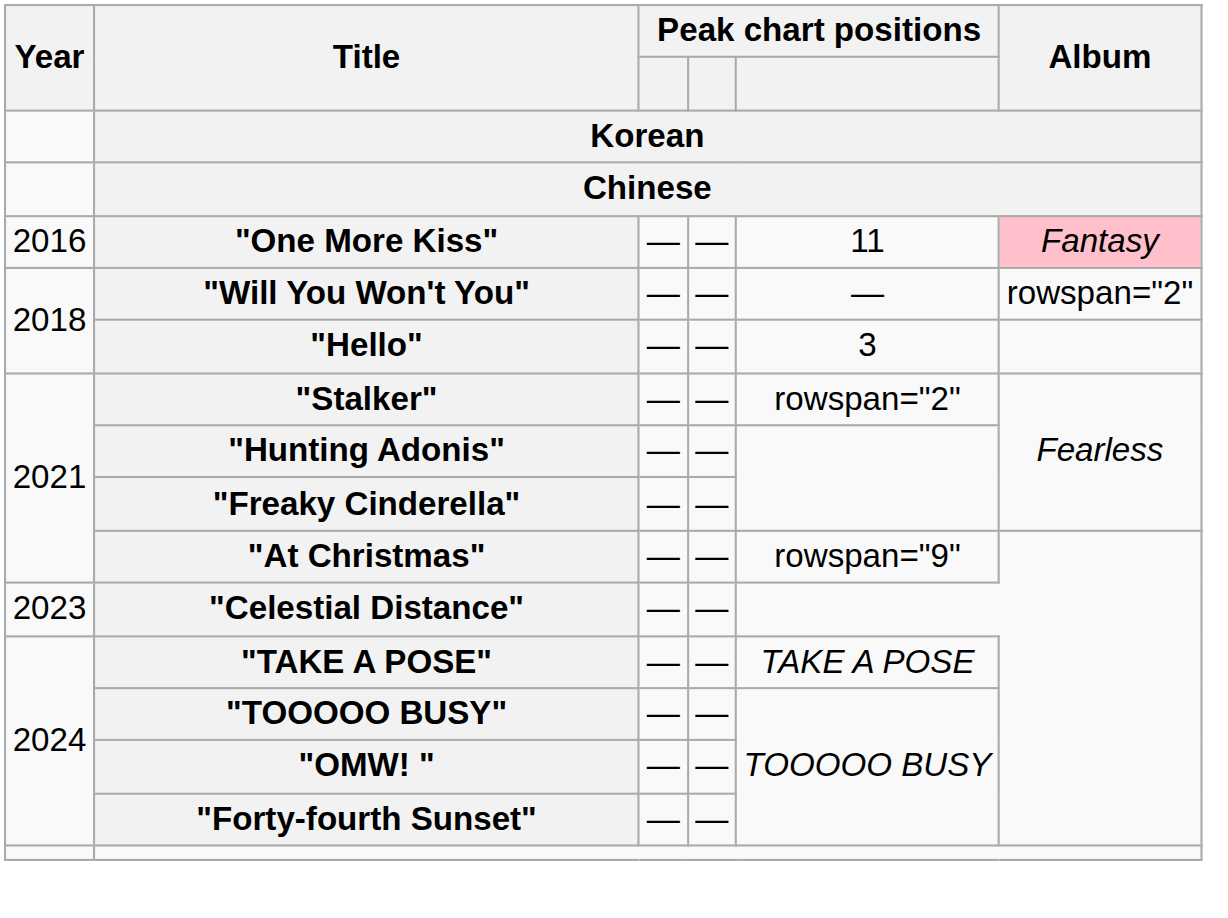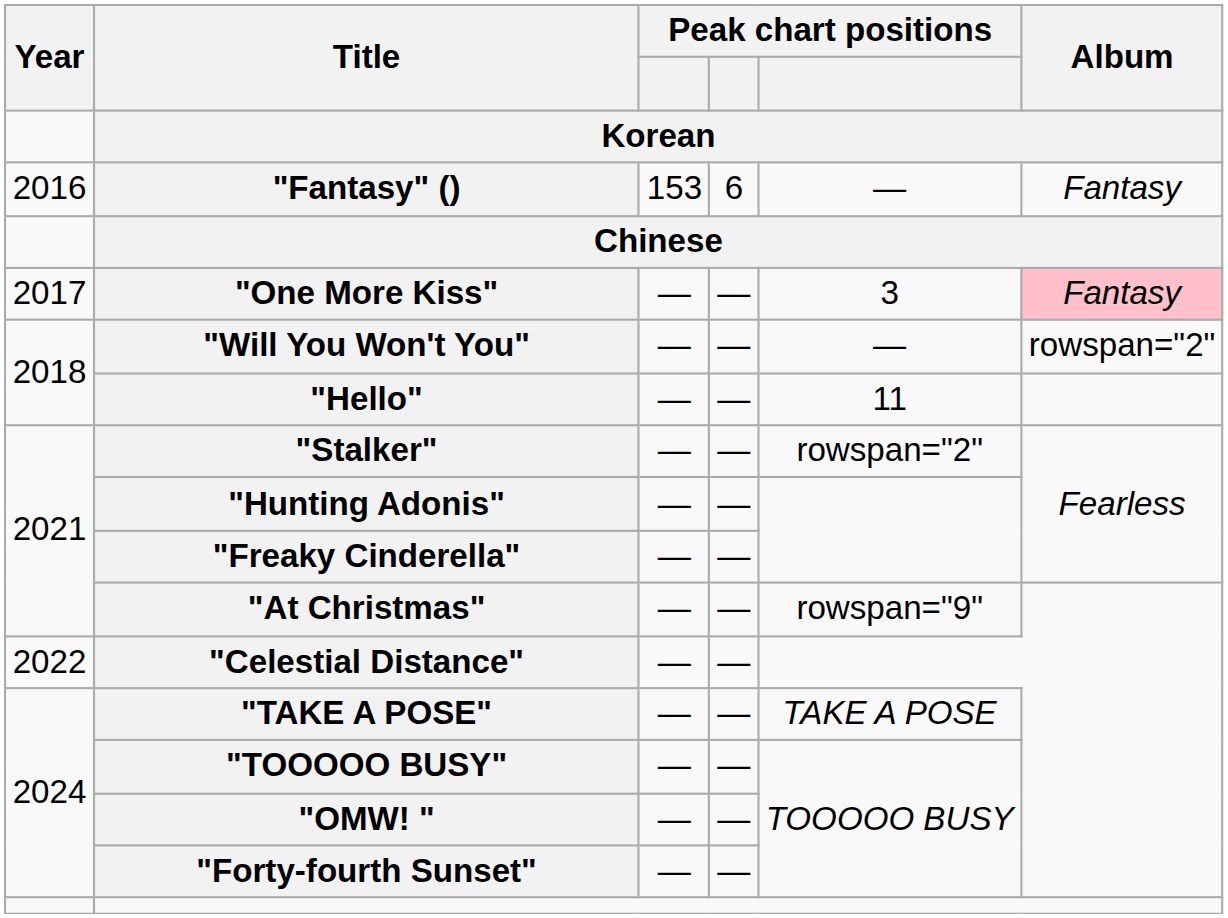 <table class="wikitable plainrowheaders" style="text-align:center">
 <tr>
 <th rowspan="2" scope="col">Year</th>
 <th rowspan="2" scope="col" style="width:16em">Title</th>
 <th colspan="3" scope="col">Peak chart positions</th>
 <th rowspan="2" scope="col">Album</th>
 </tr>
 <tr>
 <th><br></th>
 <th><br></th>
 <th><br></th>
 </tr>
 <tr>
 <td></td>
 <th colspan="5">Korean</th>
 </tr>
 <tr>
+<td>2016</td>
+<th scope="row">"Fantasy" ()</th>
+<td>153</td>
+<td>6</td>
+<td>—</td>
+<td><em>Fantasy</em> </td>
+</tr>
+<tr>
 <td></td>
 <th colspan="5">Chinese</th>
 </tr>
 <tr>
-<td>2016</td>
+<td>2017</td>
 <th scope="row">"One More Kiss"</th>
 <td>—</td>
 <td>—</td>
-<td>11</td>
+<td>3</td>
 <td style="background: pink;"><em>Fantasy</em> </td>
 </tr>
 <tr>
 <td rowspan="2">2018</td>
 <th scope="row">"Will You Won't You"  </th>
 <td>—</td>
 <td>—</td>
 <td>—</td>
 <td>rowspan="2" </td>
 </tr>
 <tr>
 <th scope="row">"Hello" </th>
 <td>—</td>
 <td>—</td>
-<td>3</td>
+<td>11</td>
 </tr>
 <tr>
 <td rowspan="4">2021</td>
 <th scope="row">"Stalker" </th>
 <td>—</td>
 <td>—</td>
 <td>rowspan="2" </td>
 <td rowspan="3"><em>Fearless</em></td>
 </tr>
 <tr>
 <th scope="row">"Hunting Adonis" </th>
 <td>—</td>
 <td>—</td>
 </tr>
 <tr>
 <th scope="row">"Freaky Cinderella" </th>
 <td>—</td>
 <td>—</td>
 </tr>
 <tr>
 <th scope="row">"At Christmas" </th>
 <td>—</td>
 <td>—</td>
 <td>rowspan="9"</td>
 </tr>
 <tr>
-<td>2023</td>
+<td>2022</td>
 <th scope="row">"Celestial Distance" </th>
 <td>—</td>
 <td>—</td>
 </tr>
 <tr>
 <td rowspan="4">2024</td>
 <th scope="row">"TAKE A POSE"</th>
 <td>—</td>
 <td>—</td>
 <td><em>TAKE A POSE</em></td>
 </tr>
 <tr>
 <th scope="row">"TOOOOO BUSY"</th>
 <td>—</td>
 <td>—</td>
 <td rowspan="3"><em>TOOOOO BUSY</em></td>
 </tr>
 <tr>
 <th scope="row">"OMW! "</th>
 <td>—</td>
 <td>—</td>
 </tr>
 <tr>
 <th scope="row">"Forty-fourth Sunset" </th>
 <td>—</td>
 <td>—</td>
 </tr>
 <tr>
 <td></td>
 <td colspan="5"></td>
 </tr>
 </table>
